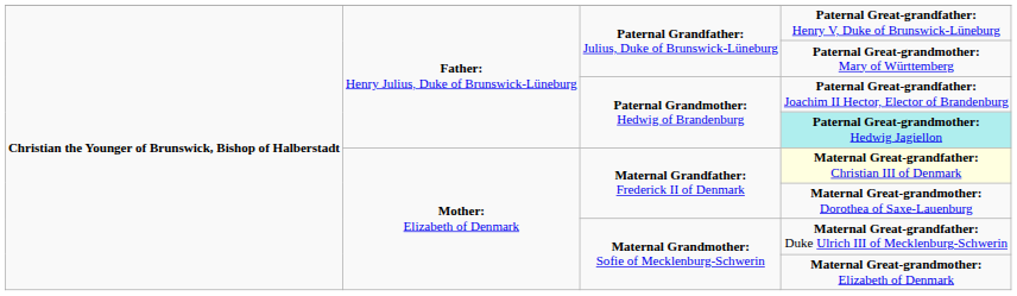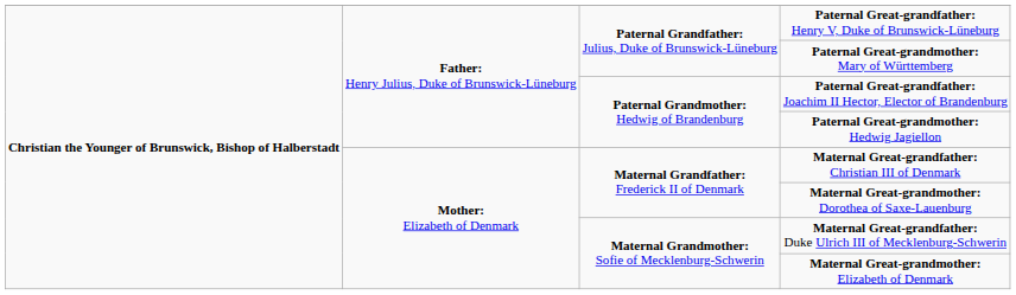 <table class="wikitable">
 <tr>
 </tr>
 <tr>
 <td rowspan="8" align="center"><strong>Christian the Younger of Brunswick, Bishop of Halberstadt</strong></td>
 <td rowspan="4" align="center"><strong>Father:</strong><br><a href='#'>Henry Julius, Duke of Brunswick-Lüneburg</a></td>
 <td rowspan="2" align="center"><strong>Paternal Grandfather:</strong><br><a href='#'>Julius, Duke of Brunswick-Lüneburg</a></td>
 <td align="center"><strong>Paternal Great-grandfather:</strong><br><a href='#'>Henry V, Duke of Brunswick-Lüneburg</a></td>
 </tr>
 <tr>
 <td align="center"><strong>Paternal Great-grandmother:</strong><br><a href='#'>Mary of Württemberg</a></td>
 </tr>
 <tr>
 <td rowspan="2" align="center"><strong>Paternal Grandmother:</strong><br><a href='#'>Hedwig of Brandenburg</a></td>
 <td align="center"><strong>Paternal Great-grandfather:</strong><br><a href='#'>Joachim II Hector, Elector of Brandenburg</a></td>
 </tr>
 <tr>
-<td align="center" style="background: paleturquoise;"><strong>Paternal Great-grandmother:</strong><br><a href='#'>Hedwig Jagiellon</a></td>
+<td align="center"><strong>Paternal Great-grandmother:</strong><br><a href='#'>Hedwig Jagiellon</a></td>
 </tr>
 <tr>
 <td rowspan="4" align="center"><strong>Mother:</strong><br><a href='#'>Elizabeth of Denmark</a></td>
 <td rowspan="2" align="center"><strong>Maternal Grandfather:</strong><br><a href='#'>Frederick II of Denmark</a></td>
-<td align="center" style="background: lightyellow;"><strong>Maternal Great-grandfather:</strong><br><a href='#'>Christian III of Denmark</a></td>
+<td align="center"><strong>Maternal Great-grandfather:</strong><br><a href='#'>Christian III of Denmark</a></td>
 </tr>
 <tr>
 <td align="center"><strong>Maternal Great-grandmother:</strong><br><a href='#'>Dorothea of Saxe-Lauenburg</a></td>
 </tr>
 <tr>
 <td rowspan="2" align="center"><strong>Maternal Grandmother:</strong><br><a href='#'>Sofie of Mecklenburg-Schwerin</a></td>
 <td align="center"><strong>Maternal Great-grandfather:</strong><br>Duke <a href='#'>Ulrich III of Mecklenburg-Schwerin</a></td>
 </tr>
 <tr>
 <td align="center"><strong>Maternal Great-grandmother:</strong><br><a href='#'>Elizabeth of Denmark</a></td>
 </tr>
 </table>
